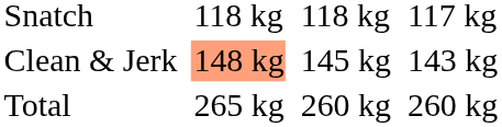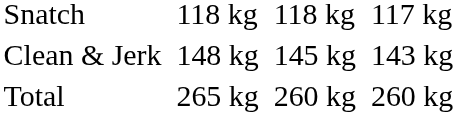 <table>
 <tr>
 <td>Snatch</td>
 <td></td>
 <td>118 kg</td>
 <td></td>
 <td>118 kg</td>
 <td></td>
 <td>117 kg</td>
 </tr>
 <tr>
 <td>Clean & Jerk</td>
 <td></td>
-<td style="background: lightsalmon;">148 kg</td>
+<td>148 kg</td>
 <td></td>
 <td>145 kg</td>
 <td></td>
 <td>143 kg</td>
 </tr>
 <tr>
 <td>Total</td>
 <td></td>
 <td>265 kg</td>
 <td></td>
 <td>260 kg</td>
 <td></td>
 <td>260 kg</td>
 </tr>
 </table>
